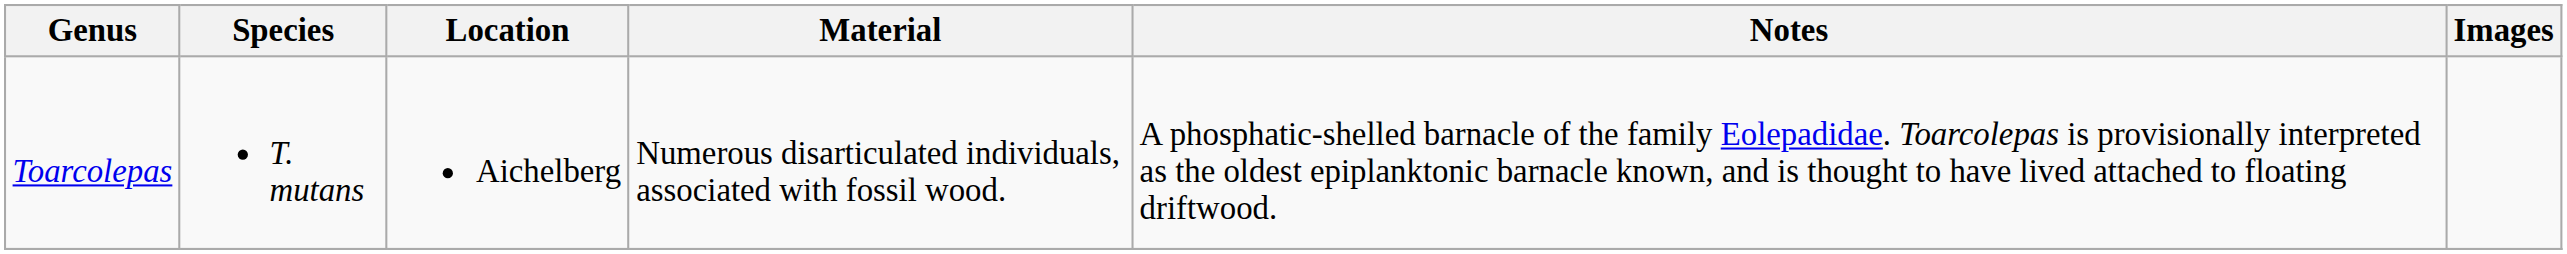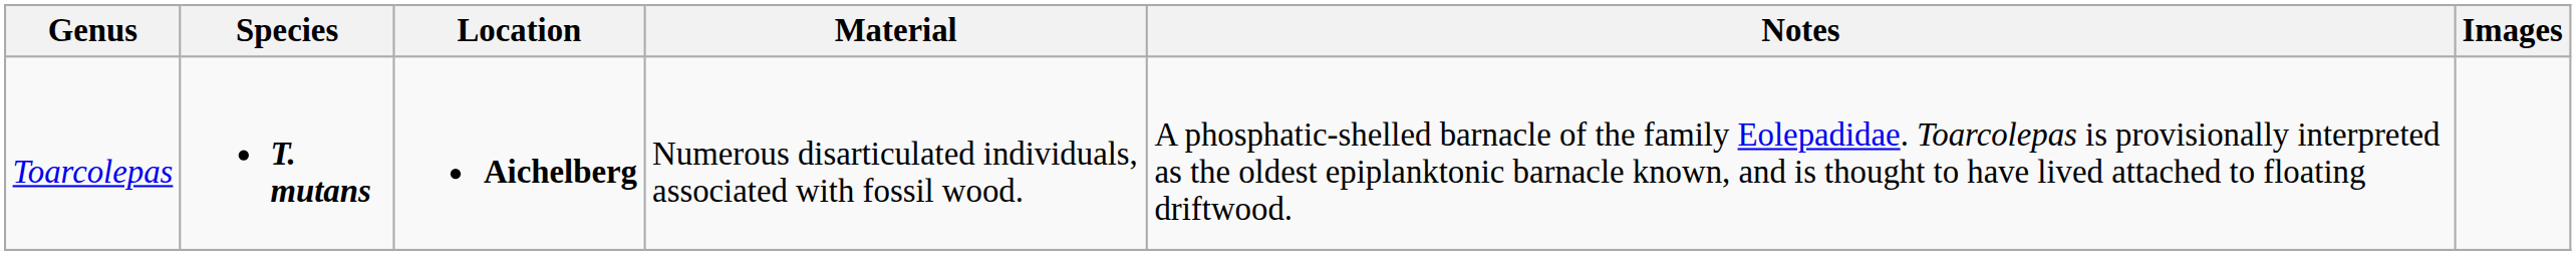 <table class = "wikitable">
 <tr>
 <th>Genus</th>
 <th>Species</th>
 <th>Location</th>
 <th>Material</th>
 <th>Notes</th>
 <th>Images</th>
 </tr>
 <tr>
 <td><br><em><a href='#'>Toarcolepas</a></em></td>
-<td><br><ul><li><em>T. mutans</em></li></ul></td>
-<td><br><ul><li>Aichelberg</li></ul></td>
+<td><strong><br><ul><li><em>T. mutans</em></li></ul></strong></td>
+<td><strong><br><ul><li>Aichelberg</li></ul></strong></td>
 <td><br>Numerous disarticulated individuals, associated with fossil wood.</td>
 <td><br>A phosphatic-shelled barnacle of the family <a href='#'>Eolepadidae</a>. <em>Toarcolepas</em> is provisionally interpreted as the oldest epiplanktonic barnacle known, and is thought to have lived attached to floating driftwood.</td>
 <td><br></td>
 </tr>
 <tr>
 </tr>
 </table>
